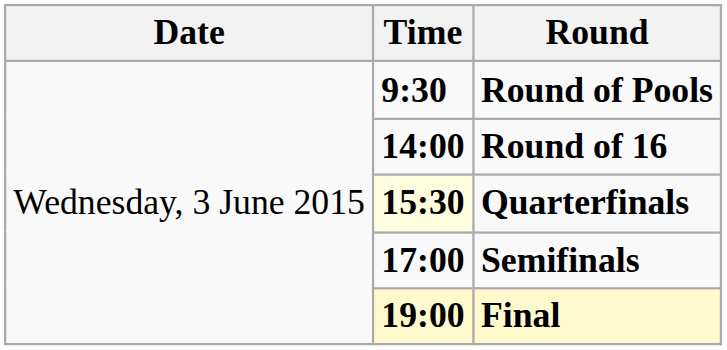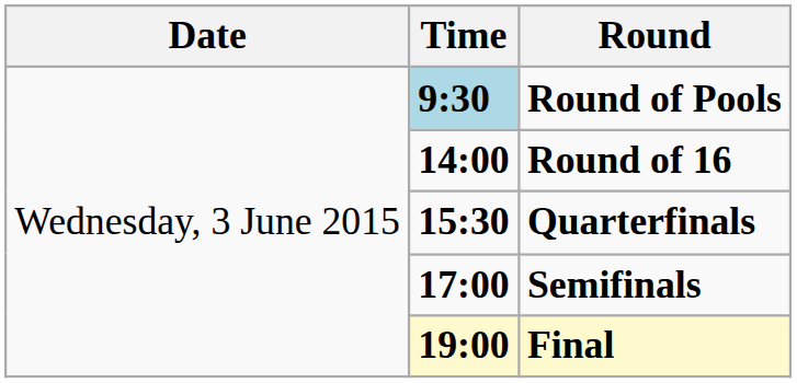 <table class="wikitable">
 <tr>
 <th>Date</th>
 <th>Time</th>
 <th>Round</th>
 </tr>
 <tr>
 <td rowspan="5">Wednesday, 3 June 2015</td>
-<td><strong>9:30</strong></td>
+<td style="background: lightblue;"><strong>9:30</strong></td>
 <td><strong>Round of Pools</strong></td>
 </tr>
 <tr>
 <td><strong>14:00</strong></td>
 <td><strong>Round of 16</strong></td>
 </tr>
 <tr>
-<td style="background: lightyellow;"><strong>15:30</strong></td>
+<td><strong>15:30</strong></td>
 <td><strong>Quarterfinals</strong></td>
 </tr>
 <tr>
 <td><strong>17:00</strong></td>
 <td><strong>Semifinals</strong></td>
 </tr>
 <tr style="background:lemonchiffon;">
 <td><strong>19:00</strong></td>
 <td><strong>Final</strong></td>
 </tr>
 </table>
